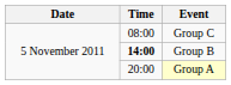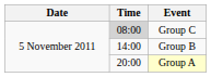 <table class = "wikitable" style="text-align:center;">
 <tr>
 <th width=150>Date</th>
 <th width=50>Time</th>
 <th width=80>Event</th>
 </tr>
 <tr>
 <td rowspan=3>5 November 2011</td>
-<td>08:00</td>
+<td style="background: lightgrey;">08:00</td>
 <td>Group C</td>
 </tr>
 <tr>
-<td><strong>14:00</strong></td>
+<td>14:00</td>
 <td>Group B</td>
 </tr>
 <tr>
 <td>20:00</td>
 <td bgcolor=ffffcc>Group A</td>
 </tr>
 </table>
